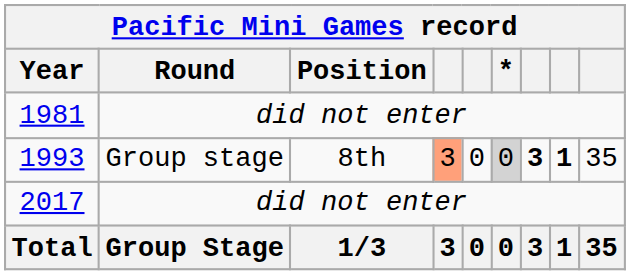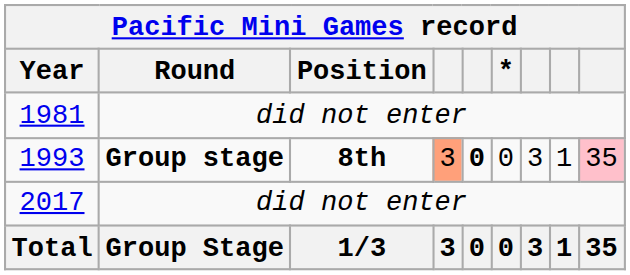 <table class="wikitable" style="text-align: center;">
 <tr>
 <th colspan=9><a href='#'>Pacific Mini Games</a> record</th>
 </tr>
 <tr>
 <th>Year</th>
 <th>Round</th>
 <th>Position</th>
 <th></th>
 <th></th>
 <th>*</th>
 <th></th>
 <th></th>
 <th></th>
 </tr>
 <tr>
 <td> <a href='#'>1981</a></td>
 <td colspan=8><em>did not enter</em></td>
 </tr>
 <tr>
 <td> <a href='#'>1993</a></td>
-<td>Group stage</td>
-<td>8th</td>
+<td><strong>Group stage</strong></td>
+<td><strong>8th</strong></td>
 <td style="background: lightsalmon;">3</td>
+<td><strong>0</strong></td>
 <td>0</td>
-<td style="background: lightgrey;">0</td>
-<td><strong>3</strong></td>
-<td><strong>1</strong></td>
-<td>35</td>
+<td>3</td>
+<td>1</td>
+<td style="background: pink;">35</td>
 </tr>
 <tr>
 <td> <a href='#'>2017</a></td>
 <td colspan=8><em>did not enter</em></td>
 </tr>
 <tr>
 <th>Total</th>
 <th>Group Stage</th>
 <th>1/3</th>
 <th>3</th>
 <th>0</th>
 <th>0</th>
 <th>3</th>
 <th>1</th>
 <th>35</th>
 </tr>
 </table>
